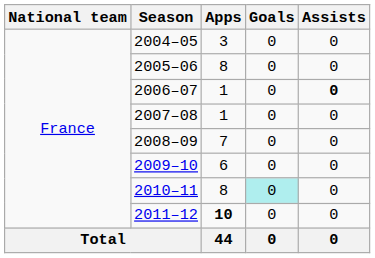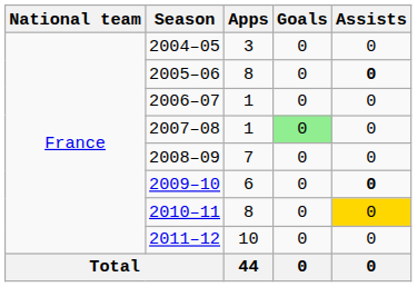 <table class="wikitable" style="text-align: center;">
 <tr>
 <th>National team</th>
 <th>Season</th>
 <th>Apps</th>
 <th>Goals</th>
 <th>Assists</th>
 </tr>
 <tr>
 <td rowspan="8"><a href='#'>France</a></td>
 <td>2004–05</td>
 <td>3</td>
 <td>0</td>
 <td>0</td>
 </tr>
 <tr>
 <td>2005–06</td>
 <td>8</td>
 <td>0</td>
-<td>0</td>
+<td><strong>0</strong></td>
 </tr>
 <tr>
 <td>2006–07</td>
 <td>1</td>
 <td>0</td>
-<td><strong>0</strong></td>
+<td>0</td>
 </tr>
 <tr>
 <td>2007–08</td>
 <td>1</td>
-<td>0</td>
+<td style="background: lightgreen;">0</td>
 <td>0</td>
 </tr>
 <tr>
 <td>2008–09</td>
 <td>7</td>
 <td>0</td>
 <td>0</td>
 </tr>
 <tr>
 <td><a href='#'>2009–10</a></td>
 <td>6</td>
 <td>0</td>
-<td>0</td>
+<td><strong>0</strong></td>
 </tr>
 <tr>
 <td><a href='#'>2010–11</a></td>
 <td>8</td>
-<td style="background: paleturquoise;">0</td>
 <td>0</td>
+<td style="background: gold;">0</td>
 </tr>
 <tr>
 <td><a href='#'>2011–12</a></td>
-<td><strong>10</strong></td>
+<td>10</td>
 <td>0</td>
 <td>0</td>
 </tr>
 <tr>
 <th colspan="2">Total</th>
 <th>44</th>
 <th>0</th>
 <th>0</th>
 </tr>
 </table>
